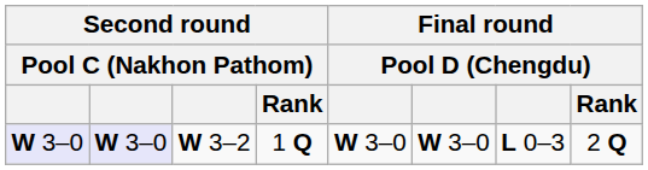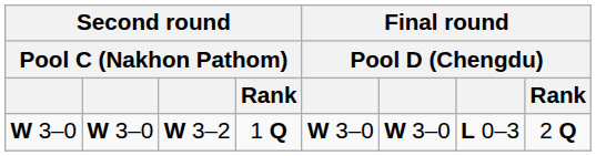 <table class="wikitable" style="font-size:100%;">
 <tr>
 <th colspan=4>Second round</th>
 <th colspan=4>Final round</th>
 </tr>
 <tr>
 <th colspan=4>Pool C (Nakhon Pathom)</th>
 <th colspan=4>Pool D (Chengdu)</th>
 </tr>
 <tr>
 <th></th>
 <th></th>
 <th></th>
 <th>Rank</th>
 <th></th>
 <th></th>
 <th></th>
 <th>Rank</th>
 </tr>
 <tr align=center>
-<td style="background: lavender;"><strong>W</strong> 3–0</td>
-<td style="background: lavender;"><strong>W</strong> 3–0</td>
+<td><strong>W</strong> 3–0</td>
+<td><strong>W</strong> 3–0</td>
 <td><strong>W</strong> 3–2</td>
 <td>1 <strong>Q</strong></td>
 <td><strong>W</strong> 3–0</td>
 <td><strong>W</strong> 3–0</td>
 <td><strong>L</strong> 0–3</td>
 <td>2 <strong>Q</strong></td>
 </tr>
 </table>
